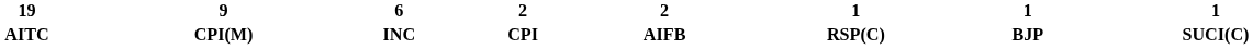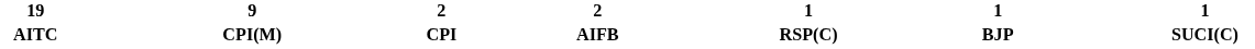 <table style="width:100%; text-align:center;">
 <tr>
 <td style="background:"><strong>19</strong></td>
 <td style="background:"><strong>9</strong></td>
-<td style="background:"><strong>6</strong></td>
 <td style="background:"><strong>2</strong></td>
 <td style="background:"><strong>2</strong></td>
 <td style="background:"><strong>1</strong></td>
 <td style="background:"><strong>1</strong></td>
 <td style="background:"><strong>1</strong></td>
 </tr>
 <tr>
 <td><span><strong>AITC</strong></span></td>
 <td><span><strong>CPI(M)</strong></span></td>
-<td><span><strong>INC</strong></span></td>
 <td><span><strong>CPI</strong></span></td>
 <td><span><strong>AIFB</strong></span></td>
 <td><span><strong>RSP(C)</strong></span></td>
 <td><span><strong>BJP</strong></span></td>
 <td><span><strong>SUCI(C)</strong></span></td>
 </tr>
 </table>
